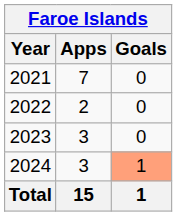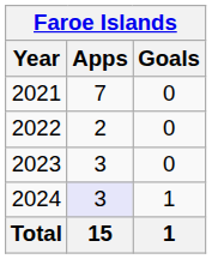 <table class="wikitable" style="text-align:center">
 <tr>
 <th colspan=3><a href='#'>Faroe Islands</a></th>
 </tr>
 <tr>
 <th>Year</th>
 <th>Apps</th>
 <th>Goals</th>
 </tr>
 <tr>
 <td>2021</td>
 <td>7</td>
 <td>0</td>
 </tr>
 <tr>
 <td>2022</td>
 <td>2</td>
 <td>0</td>
 </tr>
 <tr>
 <td>2023</td>
 <td>3</td>
 <td>0</td>
 </tr>
 <tr>
 <td>2024</td>
-<td>3</td>
-<td style="background: lightsalmon;">1</td>
+<td style="background: lavender;">3</td>
+<td>1</td>
 </tr>
 <tr>
 <th>Total</th>
 <th>15</th>
 <th>1</th>
 </tr>
 </table>
